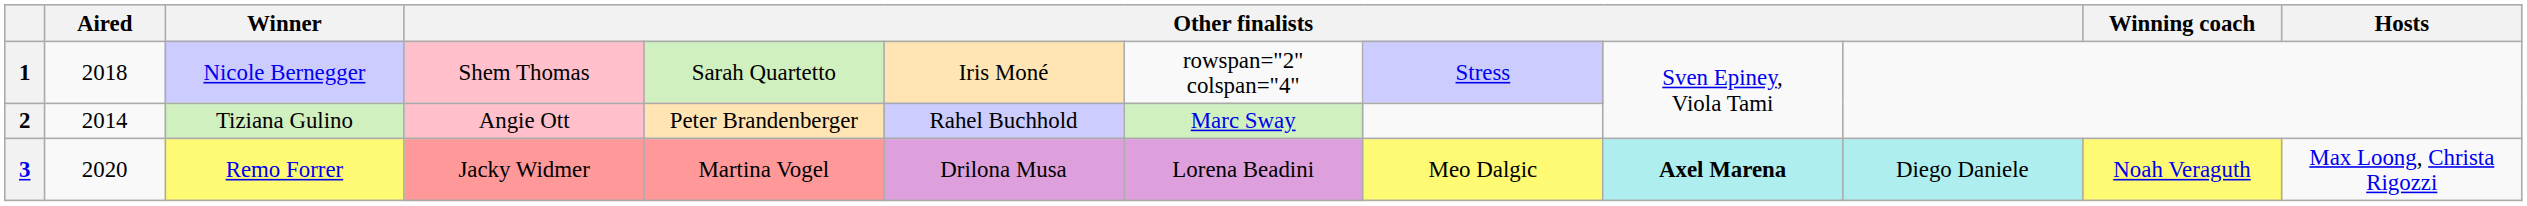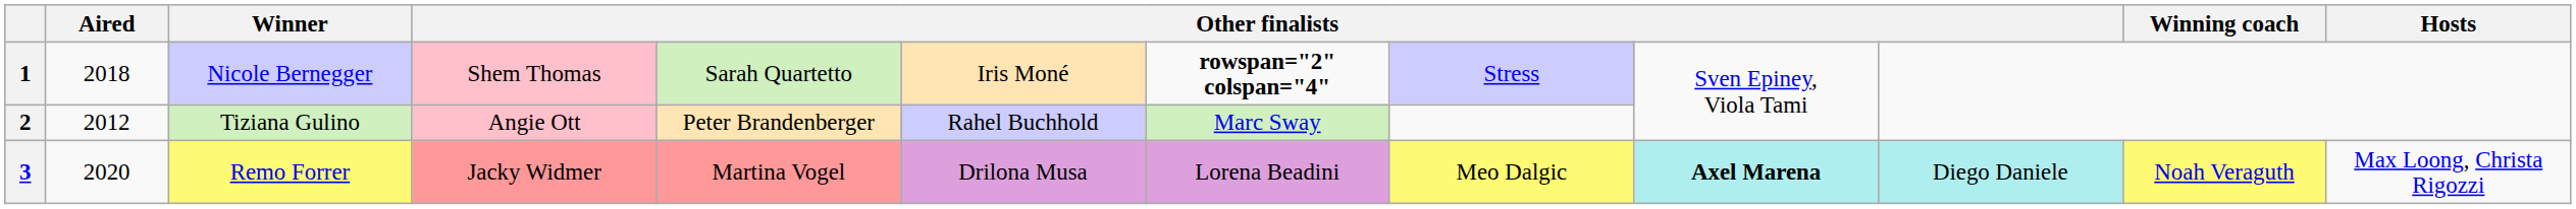 <table class="wikitable" style="text-align:center; font-size:90%; line-height:16px; width:100%">
 <tr>
 <th scope="col" width="01%"></th>
 <th scope="col" width="03%">Aired</th>
 <th scope="col" width="06%">Winner</th>
 <th scope="col" colspan="7">Other finalists</th>
 <th scope="col" width="05%">Winning coach</th>
 <th scope="col" width="06%">Hosts</th>
 </tr>
 <tr>
 <th scope="row">1</th>
 <td>2018</td>
 <td style="background:#ccccff"><a href='#'>Nicole Bernegger</a></td>
 <td style="background: pink">Shem Thomas</td>
 <td style="background:#d0f0c0">Sarah Quartetto</td>
 <td style="background:#ffe5b4">Iris Moné</td>
-<td>rowspan="2" colspan="4" </td>
+<td><strong>rowspan="2" colspan="4" </strong></td>
 <td style="background:#ccccff"><a href='#'>Stress</a></td>
 <td rowspan="2"><a href='#'>Sven Epiney</a>,<br>Viola Tami</td>
 </tr>
 <tr>
 <th scope="row">2</th>
-<td>2014</td>
+<td>2012</td>
 <td style="background:#d0f0c0">Tiziana Gulino</td>
 <td style="background: pink">Angie Ott</td>
 <td style="background:#ffe5b4">Peter Brandenberger</td>
 <td style="background:#ccccff">Rahel Buchhold</td>
 <td style="background:#d0f0c0"><a href='#'>Marc Sway</a></td>
 </tr>
 <tr>
 <th scope="row"><a href='#'>3</a></th>
 <td>2020</td>
 <td style="background:#fffa73"><a href='#'>Remo Forrer</a></td>
 <td style="background:#ff9999; width:06%">Jacky Widmer</td>
 <td style="background:#ff9999; width:06%">Martina Vogel</td>
 <td style="background:#dda0dd; width:06%">Drilona Musa</td>
 <td style="background:#dda0dd; width:06%">Lorena Beadini</td>
 <td style="background:#fffa73; width:06%">Meo Dalgic</td>
 <td style="background:#afeeee; width:06%"><strong>Axel Marena</strong></td>
 <td style="background:#afeeee; width:06%">Diego Daniele</td>
 <td style="background:#fffa73"><a href='#'>Noah Veraguth</a></td>
 <td><a href='#'>Max Loong</a>, <a href='#'>Christa Rigozzi</a></td>
 </tr>
 </table>
